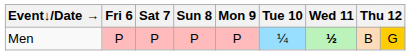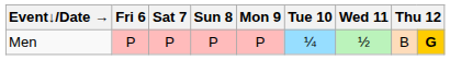 <table class="wikitable" style="margin:0.5em auto; font-size:90%; line-height:1.25em;">
 <tr style="text-align:center;">
 <th>Event↓/Date →</th>
 <th>Fri 6</th>
 <th>Sat 7</th>
 <th>Sun 8</th>
 <th>Mon 9</th>
 <th>Tue 10</th>
 <th>Wed 11</th>
 <th colspan=2>Thu 12</th>
 </tr>
 <tr style="text-align:center;">
 <td style="text-align:left;">Men</td>
 <td style="background-color:#FFBBBB;">P</td>
 <td style="background-color:#FFBBBB;">P</td>
 <td style="background-color:#FFBBBB;">P</td>
 <td style="background-color:#FFBBBB;">P</td>
 <td style="background-color:#97DEFF;">¼</td>
-<td style="background-color:#BBF3BB;"><strong>½</strong></td>
+<td style="background-color:#BBF3BB;">½</td>
 <td style="background-color:#FEDCBA;">B</td>
-<td style="background-color:#fc0;">G</td>
+<td style="background-color:#fc0;"><strong>G</strong></td>
 </tr>
 </table>
